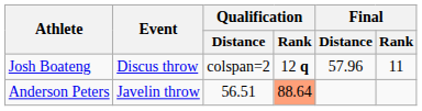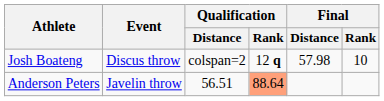 <table class="wikitable" style="font-size:90%; text-align:center">
 <tr>
 <th rowspan=2>Athlete</th>
 <th rowspan=2>Event</th>
 <th colspan=2>Qualification</th>
 <th colspan=2>Final</th>
 </tr>
 <tr style="font-size:95%">
 <th>Distance</th>
 <th>Rank</th>
 <th>Distance</th>
 <th>Rank</th>
 </tr>
 <tr>
 <td align=left><a href='#'>Josh Boateng</a></td>
 <td align=left rowspan=1><a href='#'>Discus throw</a></td>
 <td>colspan=2 </td>
 <td>12 <strong>q</strong></td>
-<td>57.96</td>
-<td>11</td>
+<td>57.98</td>
+<td>10</td>
 </tr>
 <tr>
 <td align=left><a href='#'>Anderson Peters</a></td>
 <td align=left rowspan=1><a href='#'>Javelin throw</a></td>
 <td>56.51</td>
 <td style="background: lightsalmon;">88.64</td>
 <td></td>
 </tr>
 </table>
